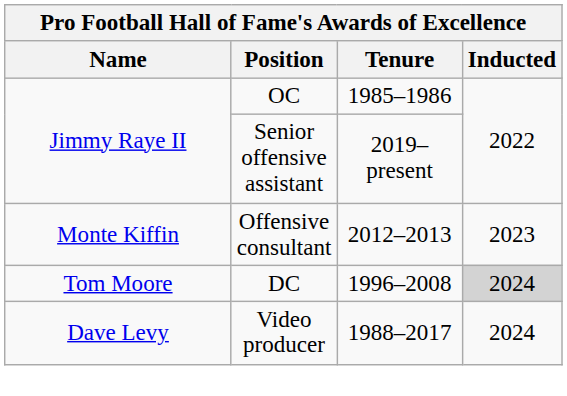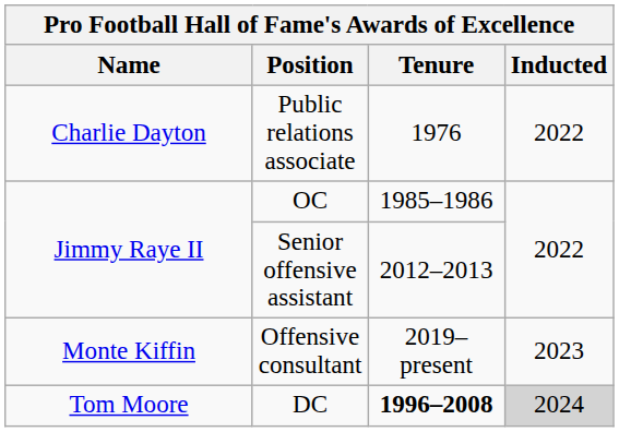 <table class="wikitable" style="text-align:center">
 <tr>
 <th colspan="4">Pro Football Hall of Fame's Awards of Excellence</th>
 </tr>
 <tr>
 <th style="width:150px;">Name</th>
 <th style="width:40px;">Position</th>
 <th style="width:80px;">Tenure</th>
 <th style="width:40px;">Inducted</th>
 </tr>
 <tr>
+<td><a href='#'>Charlie Dayton</a></td>
+<td>Public relations associate</td>
+<td>1976</td>
+<td>2022</td>
+</tr>
+<tr>
 <td rowspan=2><a href='#'>Jimmy Raye II</a></td>
 <td>OC</td>
 <td>1985–1986</td>
 <td rowspan=2>2022</td>
 </tr>
 <tr>
 <td>Senior offensive assistant</td>
-<td>2019–present</td>
+<td>2012–2013</td>
 </tr>
 <tr>
 <td><a href='#'>Monte Kiffin</a></td>
 <td>Offensive consultant</td>
-<td>2012–2013</td>
+<td>2019–present</td>
 <td>2023</td>
 </tr>
 <tr>
 <td><a href='#'>Tom Moore</a></td>
 <td>DC</td>
-<td>1996–2008</td>
+<td><strong>1996–2008</strong></td>
 <td style="background: lightgrey;">2024</td>
 </tr>
-<tr>
-<td><a href='#'>Dave Levy</a></td>
-<td>Video producer</td>
-<td>1988–2017</td>
-<td>2024</td>
-</tr>
 </table>
